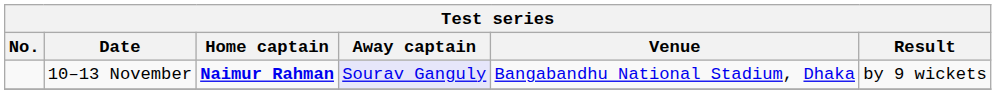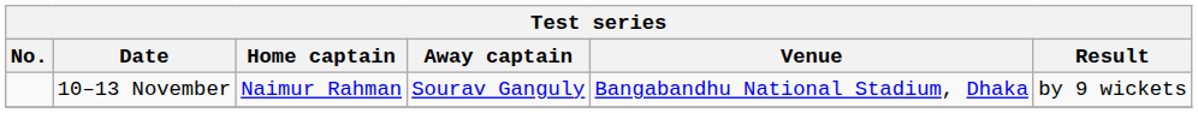 <table class="wikitable">
 <tr>
 <th colspan="9">Test series</th>
 </tr>
 <tr>
 <th>No.</th>
 <th>Date</th>
 <th>Home captain</th>
 <th>Away captain</th>
 <th>Venue</th>
 <th>Result</th>
 </tr>
 <tr>
 <td></td>
 <td>10–13 November</td>
-<td><strong><a href='#'>Naimur Rahman</a></strong></td>
-<td style="background: lavender;"><a href='#'>Sourav Ganguly</a></td>
+<td><a href='#'>Naimur Rahman</a></td>
+<td><a href='#'>Sourav Ganguly</a></td>
 <td><a href='#'>Bangabandhu National Stadium</a>, <a href='#'>Dhaka</a></td>
 <td> by 9 wickets</td>
 </tr>
 <tr>
 </tr>
 </table>
